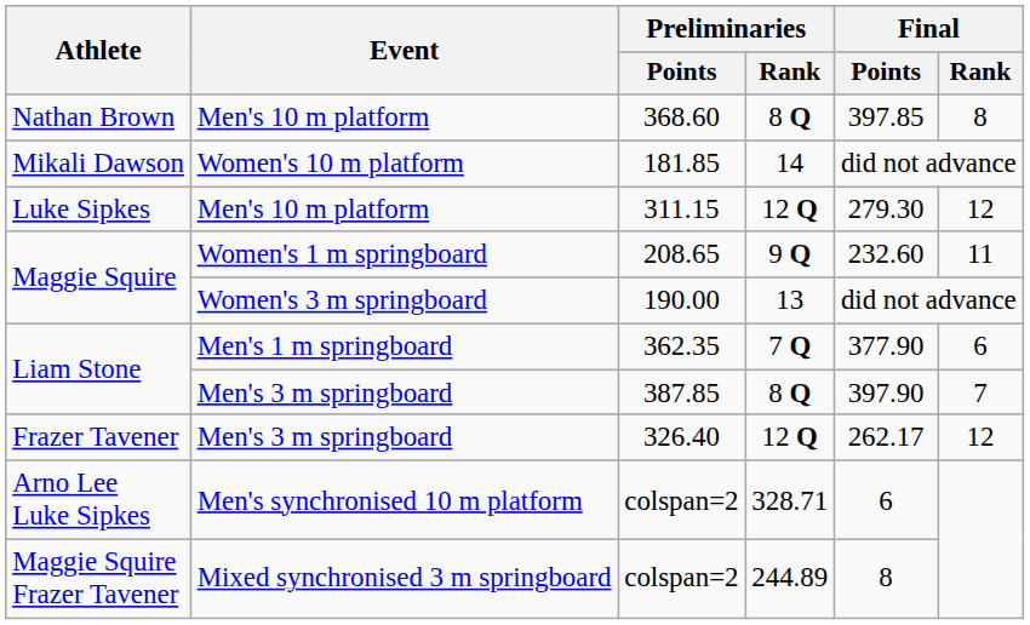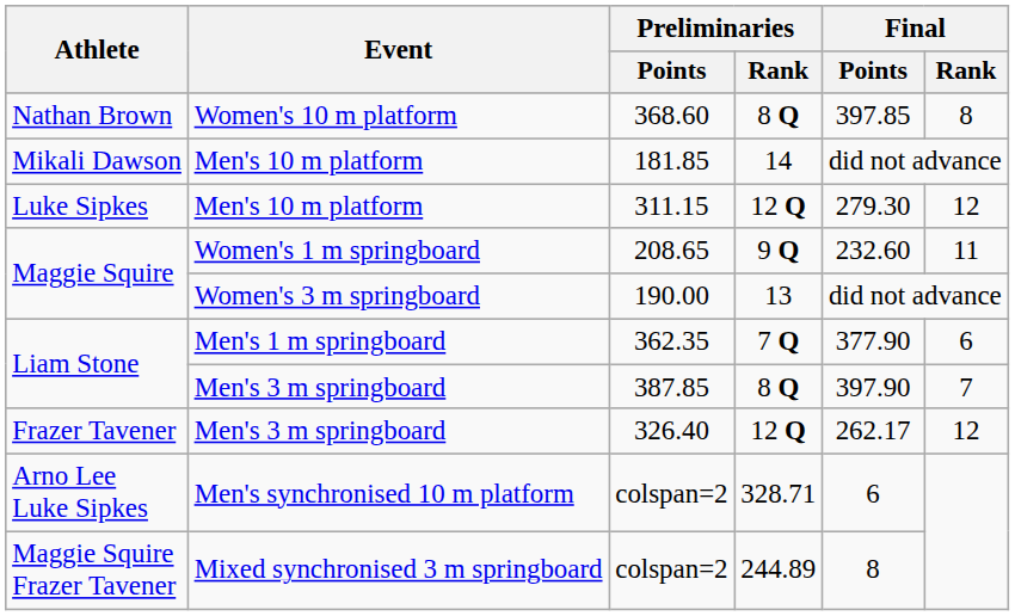 <table class="wikitable" style="font-size:90%; text-align:center">
 <tr>
 <th rowspan=2>Athlete</th>
 <th rowspan=2>Event</th>
 <th colspan=2>Preliminaries</th>
 <th colspan=2>Final</th>
 </tr>
 <tr style="font-size:95%">
 <th>Points</th>
 <th>Rank</th>
 <th>Points</th>
 <th>Rank</th>
 </tr>
 <tr>
 <td align=left><a href='#'>Nathan Brown</a></td>
-<td align=left><a href='#'>Men's 10 m platform</a></td>
+<td align=left><a href='#'>Women's 10 m platform</a></td>
 <td>368.60</td>
 <td>8 <strong>Q</strong></td>
 <td>397.85</td>
 <td>8</td>
 </tr>
 <tr>
 <td align=left><a href='#'>Mikali Dawson</a></td>
-<td align=left><a href='#'>Women's 10 m platform</a></td>
+<td align=left><a href='#'>Men's 10 m platform</a></td>
 <td>181.85</td>
 <td>14</td>
 <td colspan=2>did not advance</td>
 </tr>
 <tr>
 <td align=left><a href='#'>Luke Sipkes</a></td>
 <td align=left><a href='#'>Men's 10 m platform</a></td>
 <td>311.15</td>
 <td>12 <strong>Q</strong></td>
 <td>279.30</td>
 <td>12</td>
 </tr>
 <tr>
 <td align=left rowspan=2><a href='#'>Maggie Squire</a></td>
 <td align=left><a href='#'>Women's 1 m springboard</a></td>
 <td>208.65</td>
 <td>9 <strong>Q</strong></td>
 <td>232.60</td>
 <td>11</td>
 </tr>
 <tr>
 <td align=left><a href='#'>Women's 3 m springboard</a></td>
 <td>190.00</td>
 <td>13</td>
 <td colspan=2>did not advance</td>
 </tr>
 <tr>
 <td align=left rowspan=2><a href='#'>Liam Stone</a></td>
 <td align=left><a href='#'>Men's 1 m springboard</a></td>
 <td>362.35</td>
 <td>7 <strong>Q</strong></td>
 <td>377.90</td>
 <td>6</td>
 </tr>
 <tr>
 <td align=left><a href='#'>Men's 3 m springboard</a></td>
 <td>387.85</td>
 <td>8 <strong>Q</strong></td>
 <td>397.90</td>
 <td>7</td>
 </tr>
 <tr>
 <td align=left><a href='#'>Frazer Tavener</a></td>
 <td align=left><a href='#'>Men's 3 m springboard</a></td>
 <td>326.40</td>
 <td>12 <strong>Q</strong></td>
 <td>262.17</td>
 <td>12</td>
 </tr>
 <tr>
 <td align=left><a href='#'>Arno Lee</a><br><a href='#'>Luke Sipkes</a></td>
 <td align=left><a href='#'>Men's synchronised 10 m platform</a></td>
 <td>colspan=2 </td>
 <td>328.71</td>
 <td>6</td>
 </tr>
 <tr>
 <td align=left><a href='#'>Maggie Squire</a><br><a href='#'>Frazer Tavener</a></td>
 <td align=left><a href='#'>Mixed synchronised 3 m springboard</a></td>
 <td>colspan=2 </td>
 <td>244.89</td>
 <td>8</td>
 </tr>
 </table>
